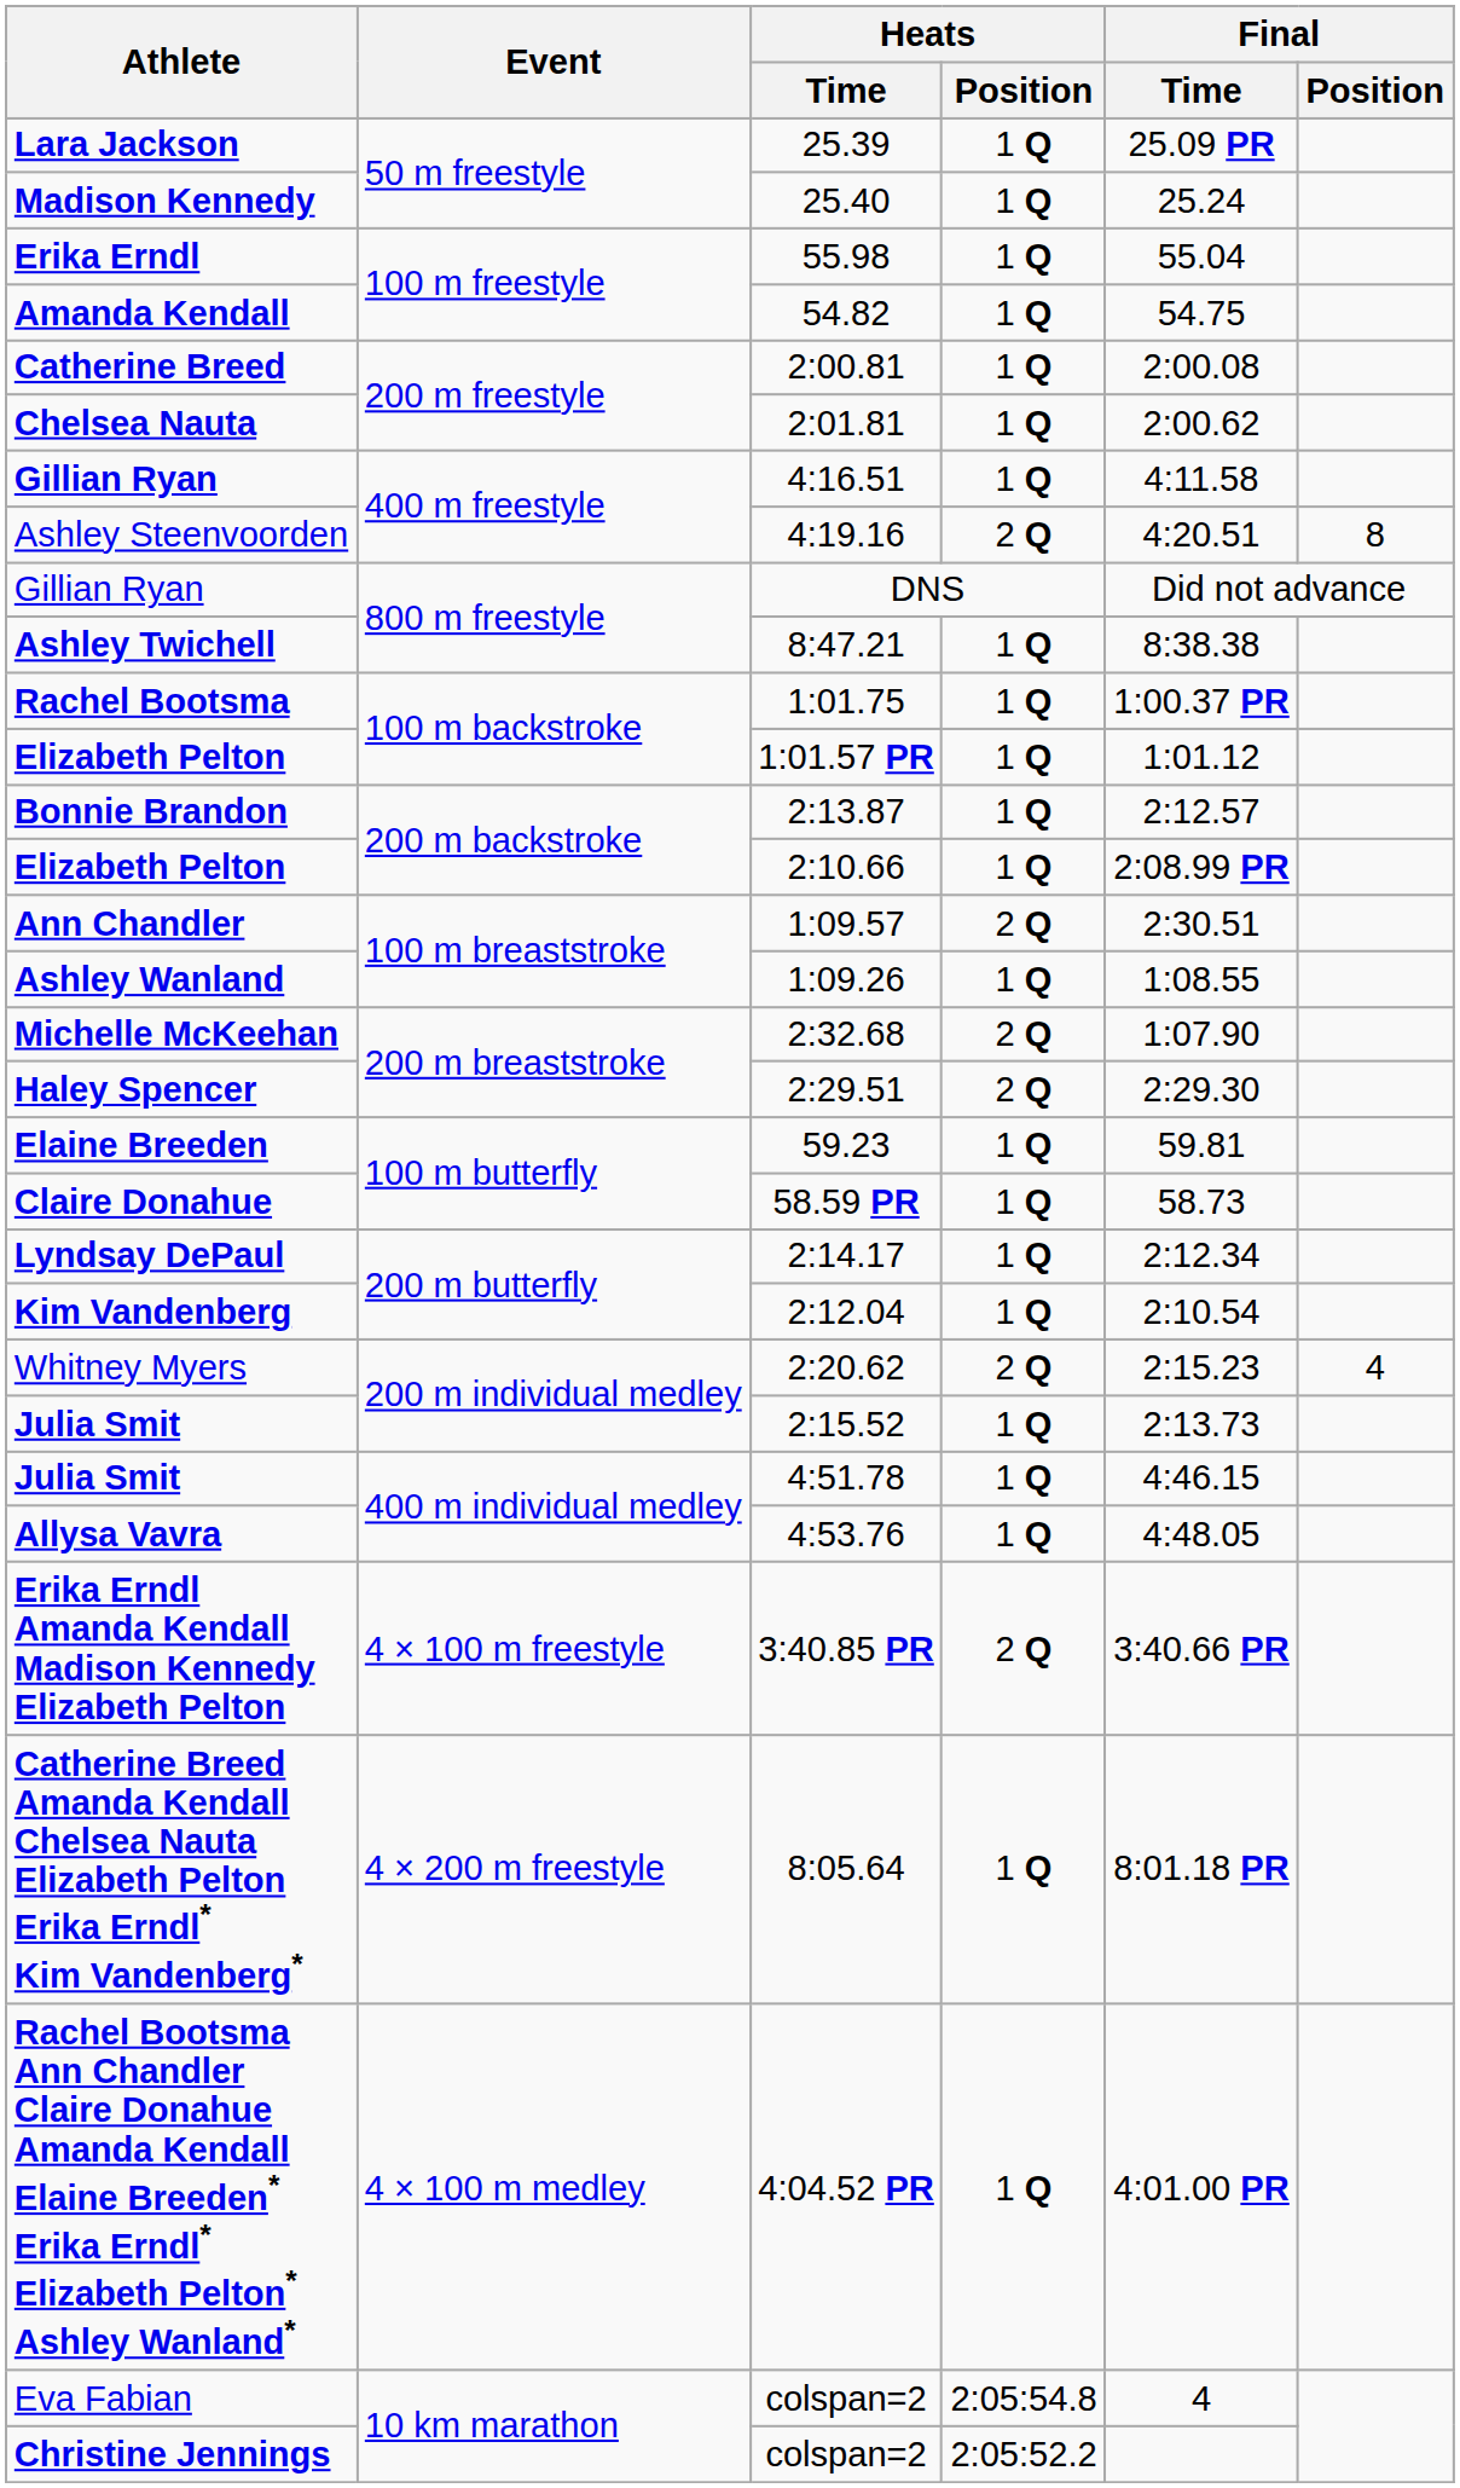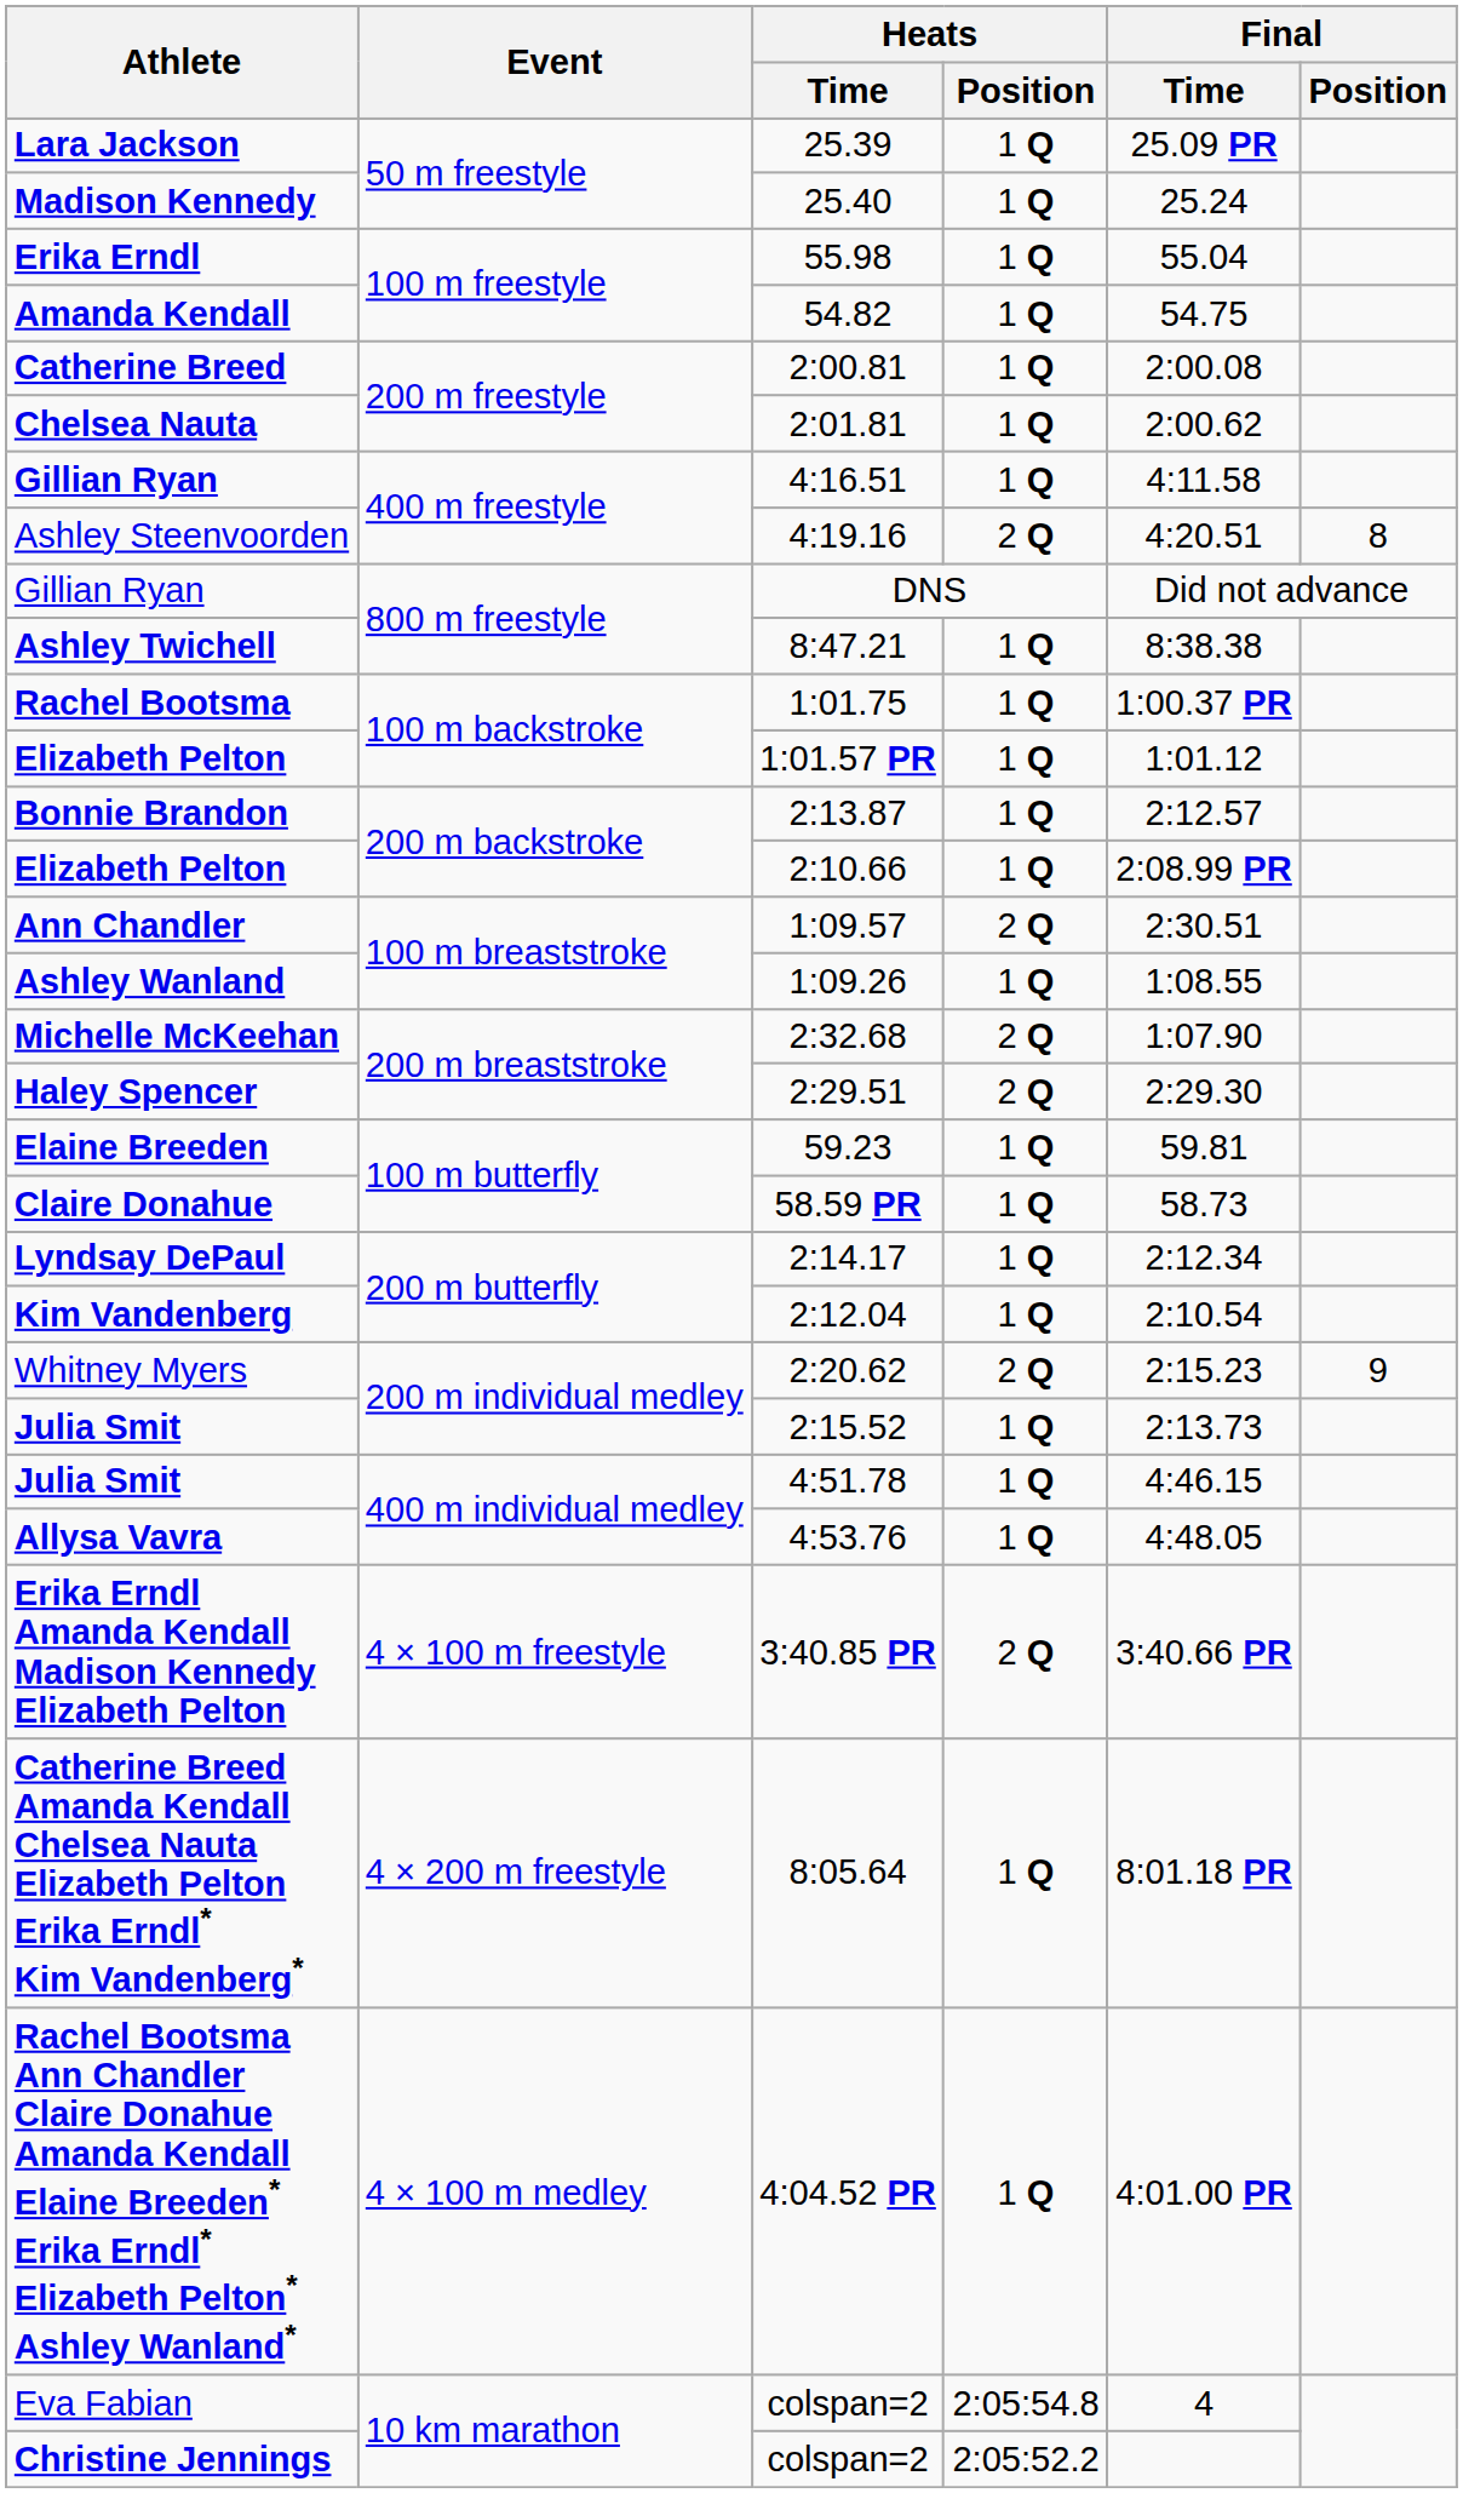 <table class="wikitable" style="font-size:90%">
 <tr>
 <th rowspan=2>Athlete</th>
 <th rowspan=2>Event</th>
 <th colspan=2>Heats</th>
 <th colspan=2>Final</th>
 </tr>
 <tr>
 <th>Time</th>
 <th>Position</th>
 <th>Time</th>
 <th>Position</th>
 </tr>
 <tr align=center>
 <td align=left><strong><a href='#'>Lara Jackson</a></strong></td>
 <td align=left rowspan=2><a href='#'>50 m freestyle</a></td>
 <td>25.39</td>
 <td>1 <strong>Q</strong></td>
 <td>25.09 <strong><a href='#'>PR</a></strong></td>
 <td></td>
 </tr>
 <tr align=center>
 <td align=left><strong><a href='#'>Madison Kennedy</a></strong></td>
 <td>25.40</td>
 <td>1 <strong>Q</strong></td>
 <td>25.24</td>
 <td></td>
 </tr>
 <tr align=center>
 <td align=left><strong><a href='#'>Erika Erndl</a></strong></td>
 <td align=left rowspan=2><a href='#'>100 m freestyle</a></td>
 <td>55.98</td>
 <td>1 <strong>Q</strong></td>
 <td>55.04</td>
 <td></td>
 </tr>
 <tr align=center>
 <td align=left><strong><a href='#'>Amanda Kendall</a></strong></td>
 <td>54.82</td>
 <td>1 <strong>Q</strong></td>
 <td>54.75</td>
 <td></td>
 </tr>
 <tr align=center>
 <td align=left><strong><a href='#'>Catherine Breed</a></strong></td>
 <td align=left rowspan=2><a href='#'>200 m freestyle</a></td>
 <td>2:00.81</td>
 <td>1 <strong>Q</strong></td>
 <td>2:00.08</td>
 <td></td>
 </tr>
 <tr align=center>
 <td align=left><strong><a href='#'>Chelsea Nauta</a></strong></td>
 <td>2:01.81</td>
 <td>1 <strong>Q</strong></td>
 <td>2:00.62</td>
 <td></td>
 </tr>
 <tr align=center>
 <td align=left><strong><a href='#'>Gillian Ryan</a></strong></td>
 <td align=left rowspan=2><a href='#'>400 m freestyle</a></td>
 <td>4:16.51</td>
 <td>1 <strong>Q</strong></td>
 <td>4:11.58</td>
 <td></td>
 </tr>
 <tr align=center>
 <td align=left><a href='#'>Ashley Steenvoorden</a></td>
 <td>4:19.16</td>
 <td>2 <strong>Q</strong></td>
 <td>4:20.51</td>
 <td>8</td>
 </tr>
 <tr align=center>
 <td align=left><a href='#'>Gillian Ryan</a></td>
 <td align=left rowspan=2><a href='#'>800 m freestyle</a></td>
 <td colspan=2>DNS</td>
 <td colspan=2>Did not advance</td>
 </tr>
 <tr align=center>
 <td align=left><strong><a href='#'>Ashley Twichell</a></strong></td>
 <td>8:47.21</td>
 <td>1 <strong>Q</strong></td>
 <td>8:38.38</td>
 <td></td>
 </tr>
 <tr align=center>
 <td align=left><strong><a href='#'>Rachel Bootsma</a></strong></td>
 <td align=left rowspan=2><a href='#'>100 m backstroke</a></td>
 <td>1:01.75</td>
 <td>1 <strong>Q</strong></td>
 <td>1:00.37 <strong><a href='#'>PR</a></strong></td>
 <td></td>
 </tr>
 <tr align=center>
 <td align=left><strong><a href='#'>Elizabeth Pelton</a></strong></td>
 <td>1:01.57 <strong><a href='#'>PR</a></strong></td>
 <td>1 <strong>Q</strong></td>
 <td>1:01.12</td>
 <td></td>
 </tr>
 <tr align=center>
 <td align=left><strong><a href='#'>Bonnie Brandon</a></strong></td>
 <td align=left rowspan=2><a href='#'>200 m backstroke</a></td>
 <td>2:13.87</td>
 <td>1 <strong>Q</strong></td>
 <td>2:12.57</td>
 <td></td>
 </tr>
 <tr align=center>
 <td align=left><strong><a href='#'>Elizabeth Pelton</a></strong></td>
 <td>2:10.66</td>
 <td>1 <strong>Q</strong></td>
 <td>2:08.99 <strong><a href='#'>PR</a></strong></td>
 <td></td>
 </tr>
 <tr align=center>
 <td align=left><strong><a href='#'>Ann Chandler</a></strong></td>
 <td align=left rowspan=2><a href='#'>100 m breaststroke</a></td>
 <td>1:09.57</td>
 <td>2 <strong>Q</strong></td>
 <td>2:30.51</td>
 <td></td>
 </tr>
 <tr align=center>
 <td align=left><strong><a href='#'>Ashley Wanland</a></strong></td>
 <td>1:09.26</td>
 <td>1 <strong>Q</strong></td>
 <td>1:08.55</td>
 <td></td>
 </tr>
 <tr align=center>
 <td align=left><strong><a href='#'>Michelle McKeehan</a></strong></td>
 <td align=left rowspan=2><a href='#'>200 m breaststroke</a></td>
 <td>2:32.68</td>
 <td>2 <strong>Q</strong></td>
 <td>1:07.90</td>
 <td></td>
 </tr>
 <tr align=center>
 <td align=left><strong><a href='#'>Haley Spencer</a></strong></td>
 <td>2:29.51</td>
 <td>2 <strong>Q</strong></td>
 <td>2:29.30</td>
 <td></td>
 </tr>
 <tr align=center>
 <td align=left><strong><a href='#'>Elaine Breeden</a></strong></td>
 <td align=left rowspan=2><a href='#'>100 m butterfly</a></td>
 <td>59.23</td>
 <td>1 <strong>Q</strong></td>
 <td>59.81</td>
 <td></td>
 </tr>
 <tr align=center>
 <td align=left><strong><a href='#'>Claire Donahue</a></strong></td>
 <td>58.59 <strong><a href='#'>PR</a></strong></td>
 <td>1 <strong>Q</strong></td>
 <td>58.73</td>
 <td></td>
 </tr>
 <tr align=center>
 <td align=left><strong><a href='#'>Lyndsay DePaul</a></strong></td>
 <td align=left rowspan=2><a href='#'>200 m butterfly</a></td>
 <td>2:14.17</td>
 <td>1 <strong>Q</strong></td>
 <td>2:12.34</td>
 <td></td>
 </tr>
 <tr align=center>
 <td align=left><strong><a href='#'>Kim Vandenberg</a></strong></td>
 <td>2:12.04</td>
 <td>1 <strong>Q</strong></td>
 <td>2:10.54</td>
 <td></td>
 </tr>
 <tr align=center>
 <td align=left><a href='#'>Whitney Myers</a></td>
 <td align=left rowspan=2><a href='#'>200 m individual medley</a></td>
 <td>2:20.62</td>
 <td>2 <strong>Q</strong></td>
 <td>2:15.23</td>
-<td>4</td>
+<td>9</td>
 </tr>
 <tr align=center>
 <td align=left><strong><a href='#'>Julia Smit</a></strong></td>
 <td>2:15.52</td>
 <td>1 <strong>Q</strong></td>
 <td>2:13.73</td>
 <td></td>
 </tr>
 <tr align=center>
 <td align=left><strong><a href='#'>Julia Smit</a></strong></td>
 <td align=left rowspan=2><a href='#'>400 m individual medley</a></td>
 <td>4:51.78</td>
 <td>1 <strong>Q</strong></td>
 <td>4:46.15</td>
 <td></td>
 </tr>
 <tr align=center>
 <td align=left><strong><a href='#'>Allysa Vavra</a></strong></td>
 <td>4:53.76</td>
 <td>1 <strong>Q</strong></td>
 <td>4:48.05</td>
 <td></td>
 </tr>
 <tr align=center>
 <td align=left><strong><a href='#'>Erika Erndl</a><br><a href='#'>Amanda Kendall</a><br><a href='#'>Madison Kennedy</a><br><a href='#'>Elizabeth Pelton</a></strong></td>
 <td align=left><a href='#'>4 × 100 m freestyle</a></td>
 <td>3:40.85 <strong><a href='#'>PR</a></strong></td>
 <td>2 <strong>Q</strong></td>
 <td>3:40.66 <strong><a href='#'>PR</a></strong></td>
 <td></td>
 </tr>
 <tr align=center>
 <td align=left><strong><a href='#'>Catherine Breed</a><br><a href='#'>Amanda Kendall</a><br><a href='#'>Chelsea Nauta</a><br><a href='#'>Elizabeth Pelton</a><br><a href='#'>Erika Erndl</a><sup>*</sup><br><a href='#'>Kim Vandenberg</a><sup>*</sup></strong></td>
 <td align=left><a href='#'>4 × 200 m freestyle</a></td>
 <td>8:05.64</td>
 <td>1 <strong>Q</strong></td>
 <td>8:01.18 <strong><a href='#'>PR</a></strong></td>
 <td></td>
 </tr>
 <tr align=center>
 <td align=left><strong><a href='#'>Rachel Bootsma</a><br><a href='#'>Ann Chandler</a><br><a href='#'>Claire Donahue</a><br><a href='#'>Amanda Kendall</a><br><a href='#'>Elaine Breeden</a><sup>*</sup><br><a href='#'>Erika Erndl</a><sup>*</sup><br><a href='#'>Elizabeth Pelton</a><sup>*</sup><br><a href='#'>Ashley Wanland</a><sup>*</sup></strong></td>
 <td align=left><a href='#'>4 × 100 m medley</a></td>
 <td>4:04.52 <strong><a href='#'>PR</a></strong></td>
 <td>1 <strong>Q</strong></td>
 <td>4:01.00 <strong><a href='#'>PR</a></strong></td>
 <td></td>
 </tr>
 <tr align=center>
 <td align=left><a href='#'>Eva Fabian</a></td>
 <td align=left rowspan=2><a href='#'>10 km marathon</a></td>
 <td>colspan=2 </td>
 <td>2:05:54.8</td>
 <td>4</td>
 </tr>
 <tr align=center>
 <td align=left><strong><a href='#'>Christine Jennings</a></strong></td>
 <td>colspan=2 </td>
 <td>2:05:52.2</td>
 <td></td>
 </tr>
 </table>
